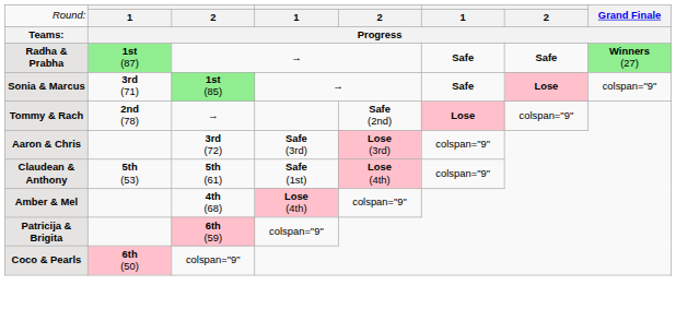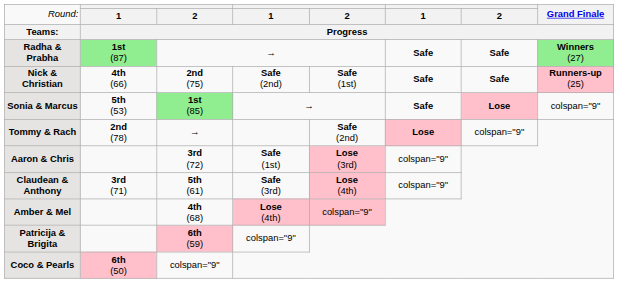 <table class="wikitable" style="width:100%; text-align:center; font-size: 85%; line-height:16px;">
 <tr>
 <td style="width:10%; text-align:right;" rowspan="2"><em>Round:</em></td>
 <th colspan="2" style="width:20%;"><a href='#'></a></th>
 <th colspan="2" style="width:10%;"></th>
 <th colspan=2 style="width:10%;"></th>
 <th rowspan="2" style="width:10%;"><a href='#'>Grand Finale</a></th>
 </tr>
 <tr>
 <th style="width:10%;">1</th>
 <th style="width:10%;">2</th>
 <th style="width:10%;">1</th>
 <th style="width:10%;">2</th>
 <th style="width:10%;">1</th>
 <th style="width:10%;">2</th>
 </tr>
 <tr>
 <th>Teams:</th>
 <th colspan="7">Progress</th>
 </tr>
 <tr>
 <th style="background:#E5E4E2">Radha & Prabha</th>
 <td bgcolor=lightgreen><strong>1st</strong> <br>(87)</td>
 <td colspan=3>→</td>
 <td><strong>Safe</strong></td>
 <td><strong>Safe</strong></td>
 <td bgcolor=lightgreen><strong>Winners</strong> <br> (27)</td>
 </tr>
 <tr>
+<th style="background:#E5E4E2">Nick & Christian</th>
+<td><strong>4th</strong> <br>(66)</td>
+<td><strong>2nd</strong> <br>(75)</td>
+<td><strong>Safe</strong> <br>(2nd)</td>
+<td><strong>Safe</strong> <br>(1st)</td>
+<td><strong>Safe</strong></td>
+<td><strong>Safe</strong></td>
+<td bgcolor=pink><strong>Runners-up</strong> <br> (25)</td>
+</tr>
+<tr>
 <th style="background:#E5E4E2">Sonia & Marcus</th>
-<td><strong>3rd</strong> <br>(71)</td>
+<td><strong>5th</strong> <br>(53)</td>
 <td bgcolor=lightgreen><strong>1st</strong> <br>(85)</td>
 <td colspan=2>→</td>
 <td><strong>Safe</strong></td>
 <td bgcolor=pink><strong>Lose</strong></td>
 <td>colspan="9" </td>
 </tr>
 <tr>
 <th style="background:#E5E4E2">Tommy & Rach</th>
 <td><strong>2nd</strong> <br>(78)</td>
 <td>→</td>
 <td></td>
 <td><strong>Safe</strong> <br>(2nd)</td>
 <td bgcolor=pink><strong>Lose</strong></td>
 <td>colspan="9" </td>
 </tr>
 <tr>
 <th style="background:#E5E4E2">Aaron & Chris</th>
 <td></td>
 <td><strong>3rd</strong> <br>(72)</td>
-<td><strong>Safe</strong> <br>(3rd)</td>
+<td><strong>Safe</strong> <br>(1st)</td>
 <td bgcolor=pink><strong>Lose</strong> <br>(3rd)</td>
 <td>colspan="9" </td>
 </tr>
 <tr>
 <th style="background:#E5E4E2">Claudean & Anthony</th>
-<td><strong>5th</strong> <br>(53)</td>
+<td><strong>3rd</strong> <br>(71)</td>
 <td><strong>5th</strong> <br> (61)</td>
-<td><strong>Safe</strong> <br>(1st)</td>
+<td><strong>Safe</strong> <br>(3rd)</td>
 <td bgcolor=pink><strong>Lose</strong> <br>(4th)</td>
 <td>colspan="9" </td>
 </tr>
 <tr>
 <th style="background:#E5E4E2">Amber & Mel</th>
 <td></td>
 <td><strong>4th</strong> <br>(68)</td>
 <td bgcolor=pink><strong>Lose</strong> <br>(4th)</td>
-<td>colspan="9" </td>
+<td style="background: pink;">colspan="9" </td>
 </tr>
 <tr>
 <th style="background:#E5E4E2">Patricija & Brigita</th>
 <td></td>
 <td bgcolor=pink><strong>6th</strong> <br> (59)</td>
 <td>colspan="9" </td>
 </tr>
 <tr>
 <th style="background:#E5E4E2">Coco & Pearls</th>
 <td bgcolor=pink><strong>6th</strong> <br> (50)</td>
 <td>colspan="9" </td>
 </tr>
 </table>
